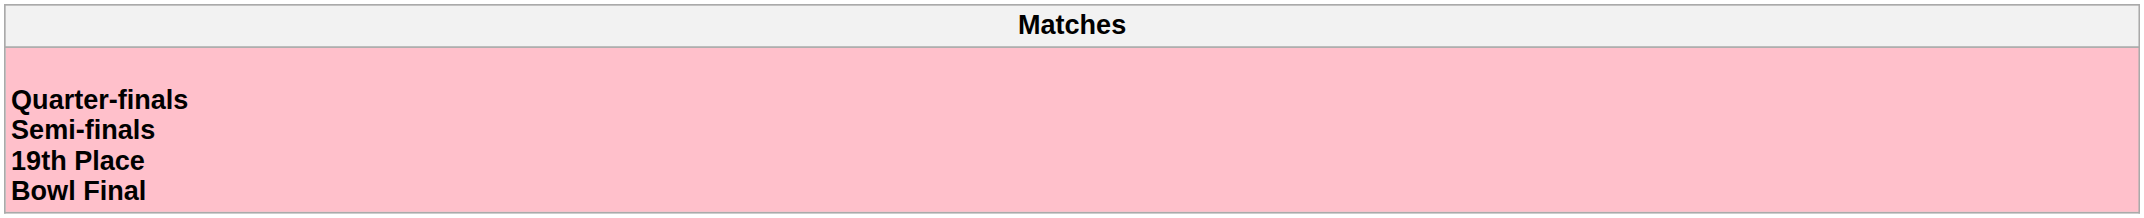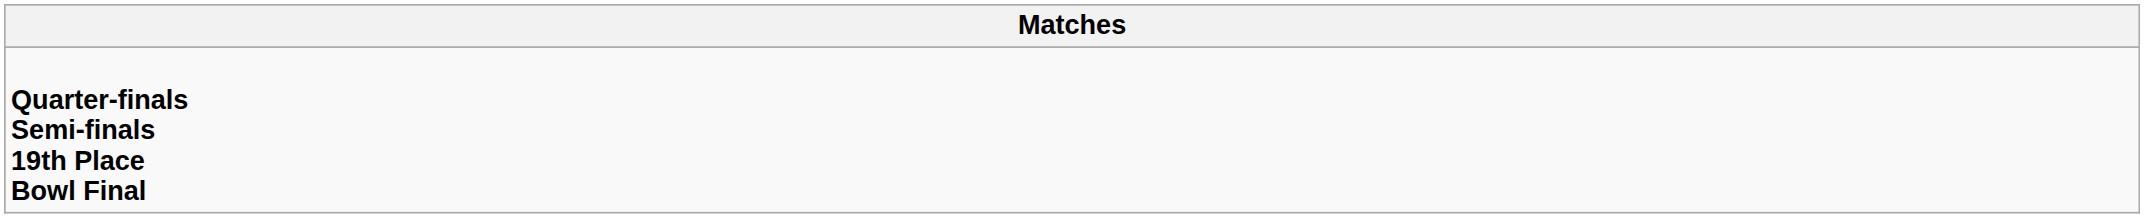 <table class="wikitable collapsible collapsed" style="width:100%;">
 <tr>
 <th>Matches</th>
 </tr>
 <tr>
-<td style="background: pink;"><br><strong>Quarter-finals</strong>    <br><strong>Semi-finals</strong>  <br><strong>19th Place</strong> <br><strong>Bowl Final</strong> </td>
+<td><br><strong>Quarter-finals</strong>    <br><strong>Semi-finals</strong>  <br><strong>19th Place</strong> <br><strong>Bowl Final</strong> </td>
 </tr>
 </table>
